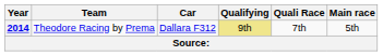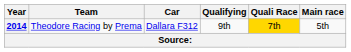 <table class="wikitable" style="text-align:center; font-size:90%">
 <tr>
 <th>Year</th>
 <th>Team</th>
 <th>Car</th>
 <th>Qualifying</th>
 <th>Quali Race</th>
 <th>Main race</th>
 </tr>
 <tr>
 <th><a href='#'>2014</a></th>
 <td align="left" nowrap> <a href='#'>Theodore Racing</a> by <a href='#'>Prema</a></td>
 <td align="left" nowrap><a href='#'>Dallara F312</a></td>
-<td style="background: khaki;">9th</td>
-<td>7th</td>
+<td>9th</td>
+<td style="background: gold;">7th</td>
 <td>5th</td>
 </tr>
 <tr>
 <th colspan="6">Source:</th>
 </tr>
 </table>
